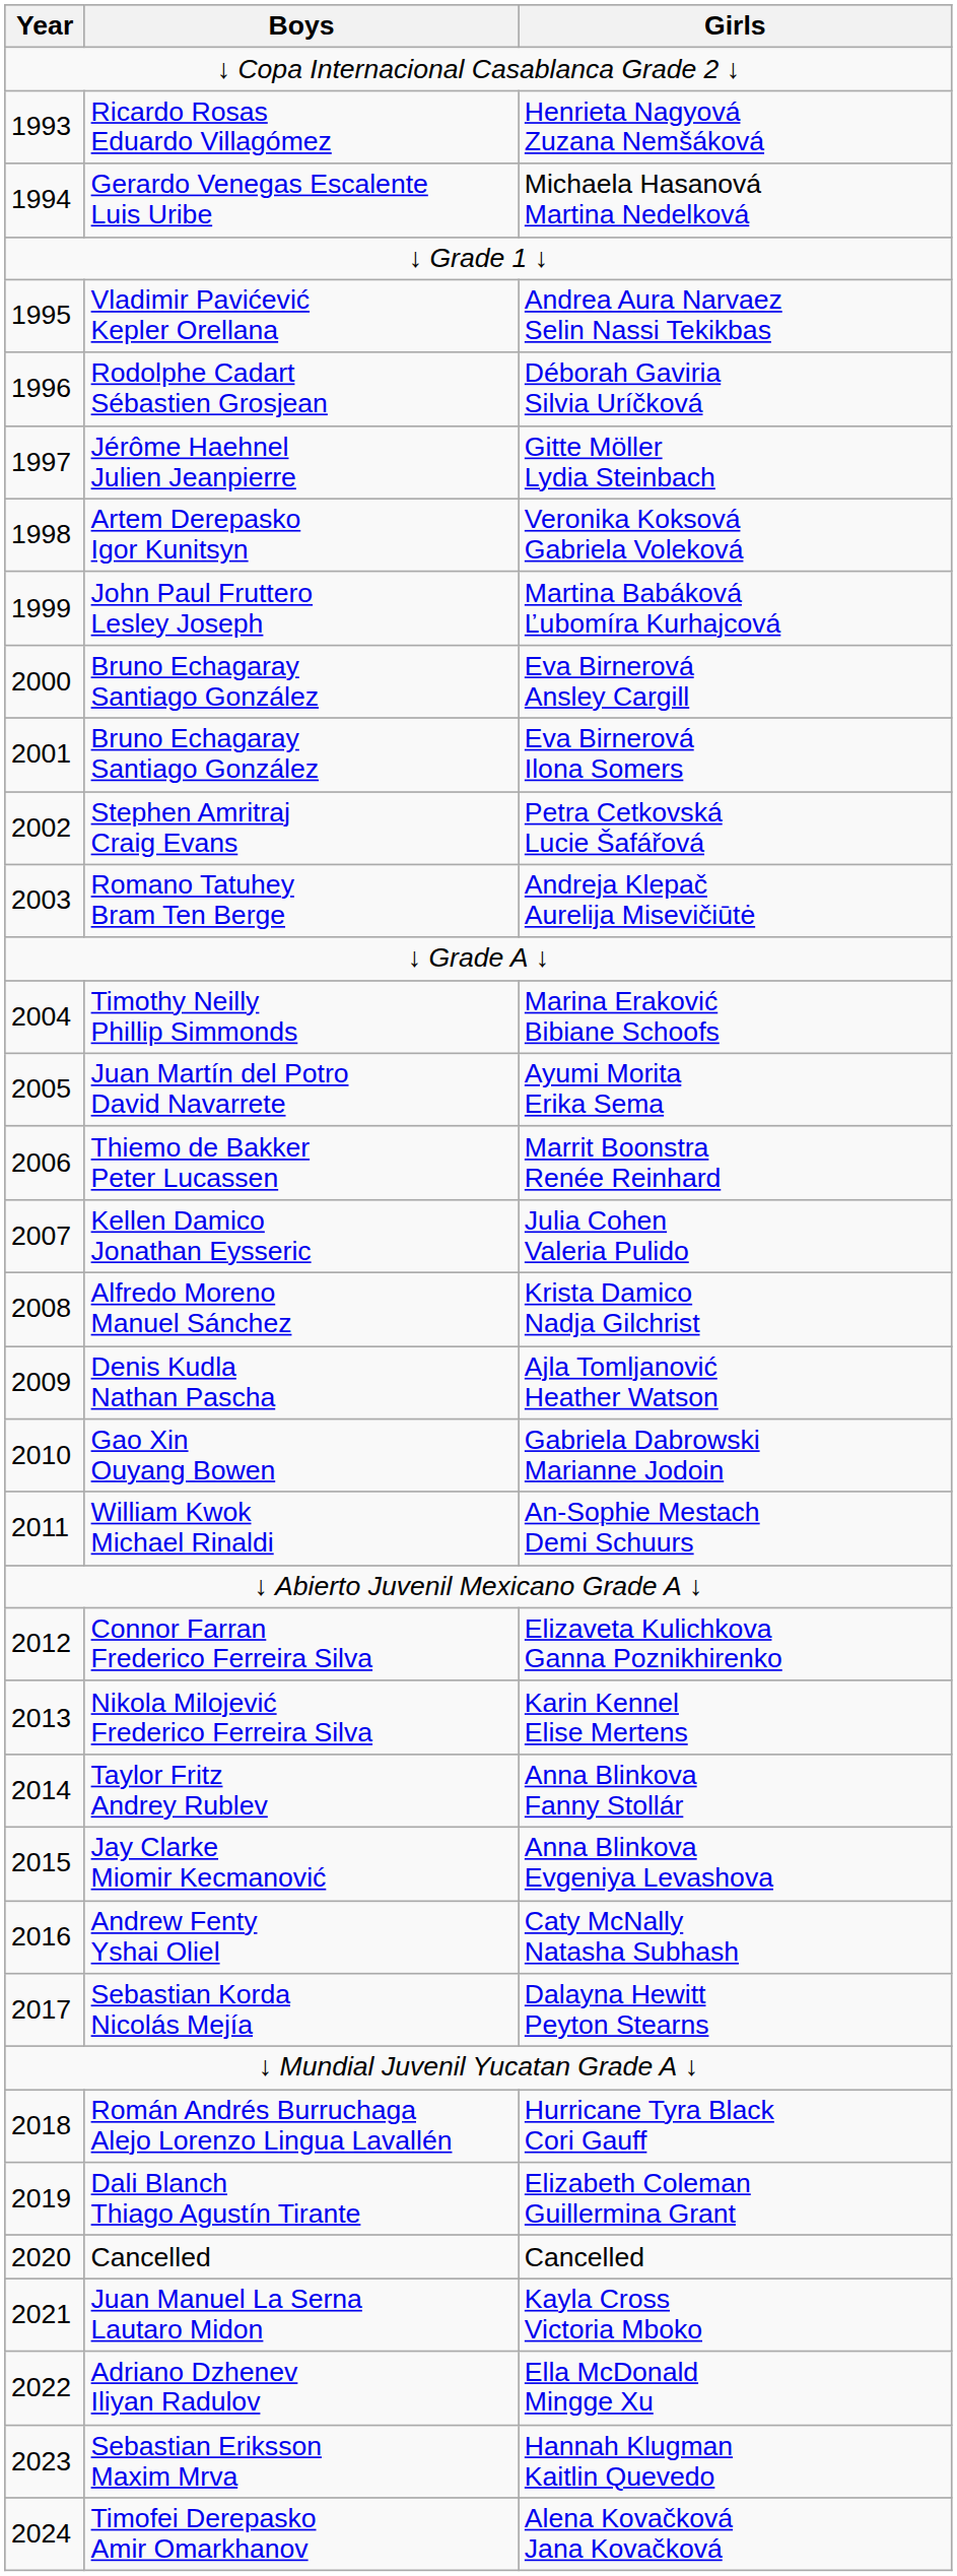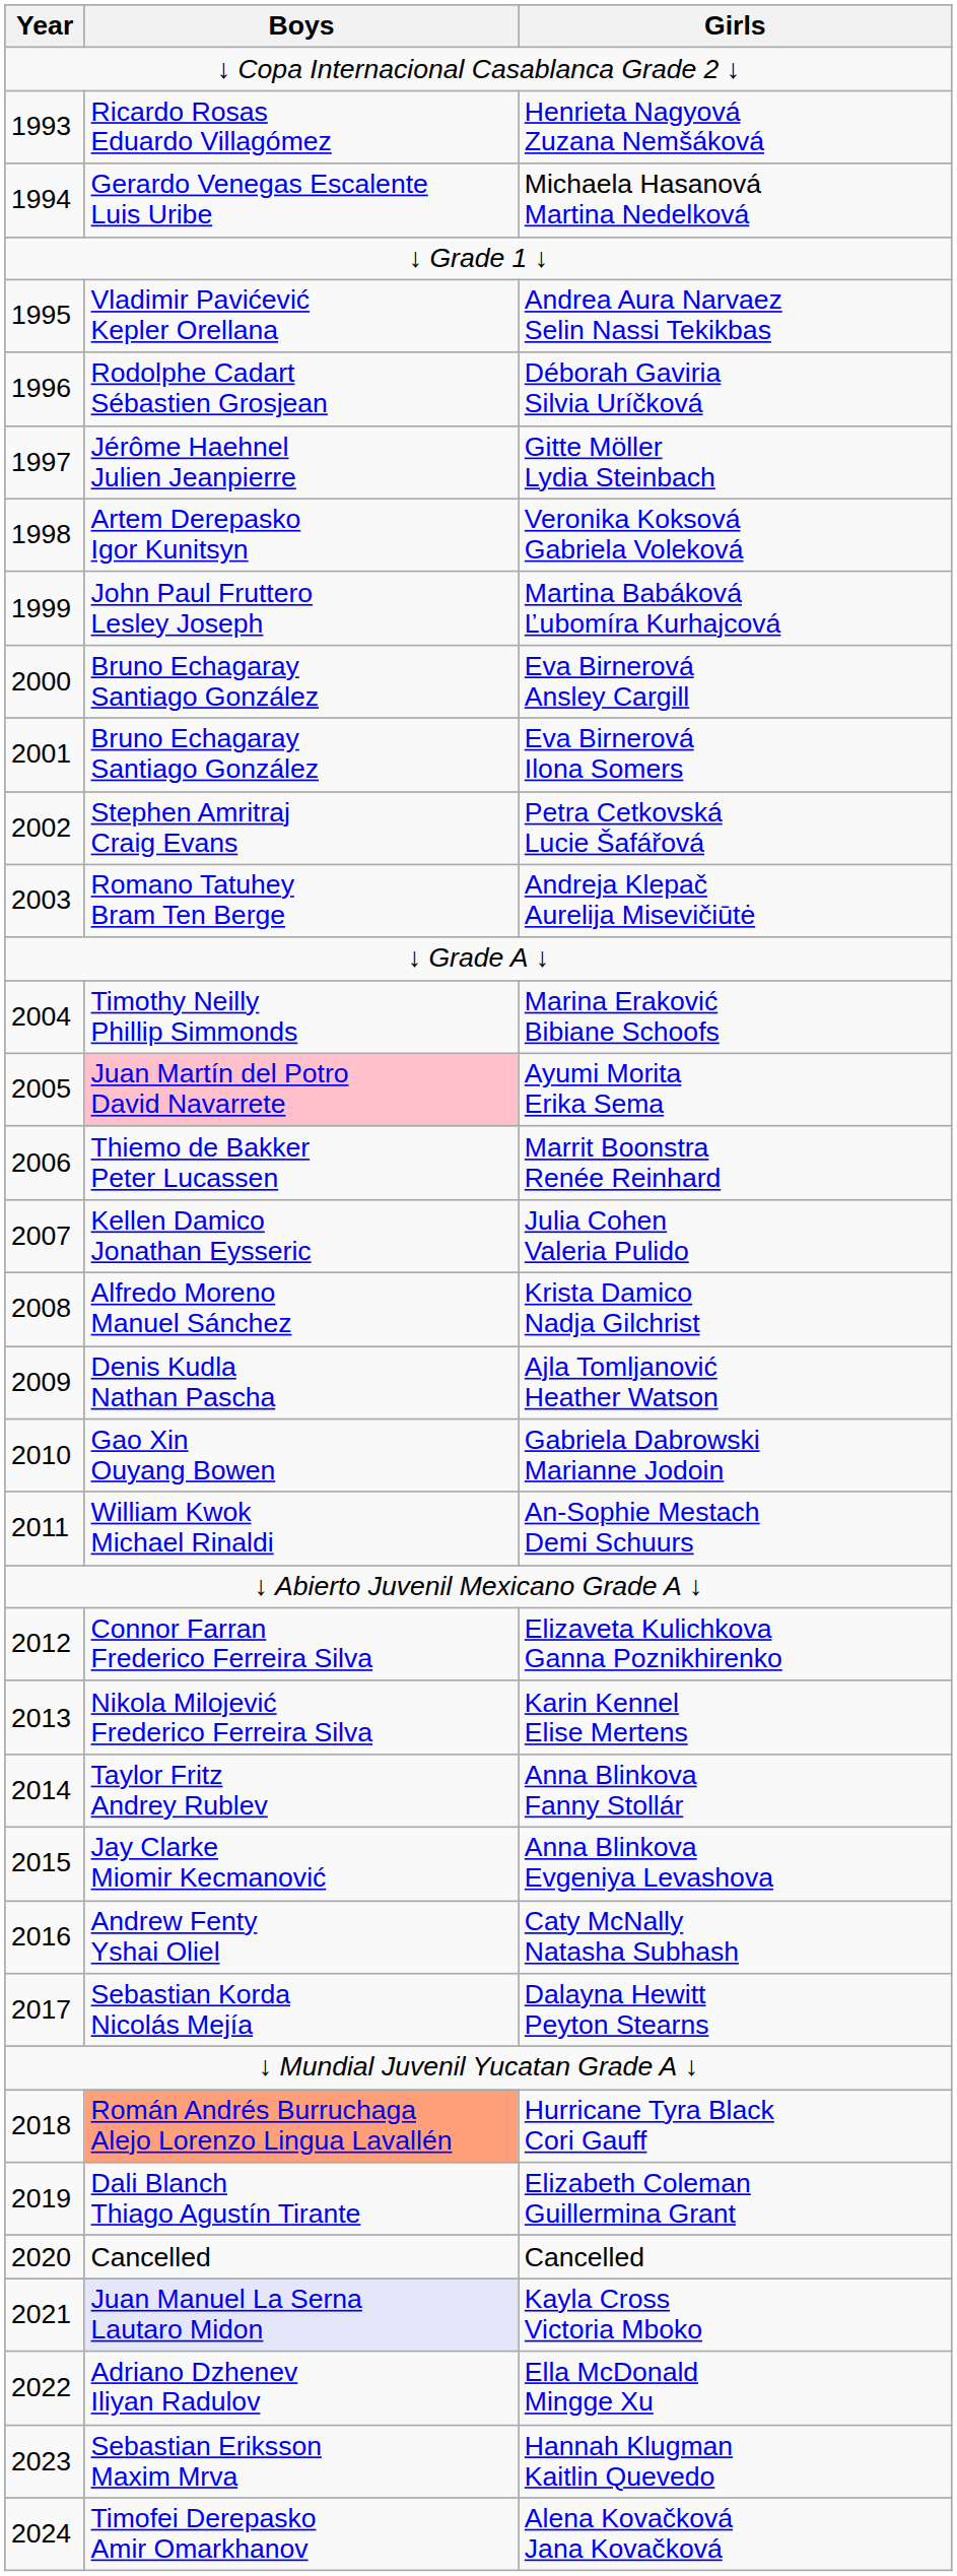 <table class="wikitable">
 <tr>
 <th style="width:40px;">Year</th>
 <th style="width:250px;">Boys</th>
 <th width=250>Girls</th>
 </tr>
 <tr>
 <td colspan=5 align="center">↓ <em>Copa Internacional Casablanca Grade 2</em> ↓</td>
 </tr>
 <tr>
 <td>1993</td>
 <td> <a href='#'>Ricardo Rosas</a> <br>  <a href='#'>Eduardo Villagómez</a></td>
 <td> <a href='#'>Henrieta Nagyová</a> <br>  <a href='#'>Zuzana Nemšáková</a></td>
 </tr>
 <tr>
 <td>1994</td>
 <td> <a href='#'>Gerardo Venegas Escalente</a> <br>  <a href='#'>Luis Uribe</a></td>
 <td> Michaela Hasanová <br>  <a href='#'>Martina Nedelková</a></td>
 </tr>
 <tr>
 <td colspan=5 align="center">↓ <em>Grade 1</em> ↓</td>
 </tr>
 <tr>
 <td>1995</td>
 <td> <a href='#'>Vladimir Pavićević</a> <br>  <a href='#'>Kepler Orellana</a></td>
 <td> <a href='#'>Andrea Aura Narvaez</a> <br>  <a href='#'>Selin Nassi Tekikbas</a></td>
 </tr>
 <tr>
 <td>1996</td>
 <td> <a href='#'>Rodolphe Cadart</a> <br>  <a href='#'>Sébastien Grosjean</a></td>
 <td> <a href='#'>Déborah Gaviria</a> <br>  <a href='#'>Silvia Uríčková</a></td>
 </tr>
 <tr>
 <td>1997</td>
 <td> <a href='#'>Jérôme Haehnel</a> <br>  <a href='#'>Julien Jeanpierre</a></td>
 <td> <a href='#'>Gitte Möller</a> <br>  <a href='#'>Lydia Steinbach</a></td>
 </tr>
 <tr>
 <td>1998</td>
 <td> <a href='#'>Artem Derepasko</a> <br>  <a href='#'>Igor Kunitsyn</a></td>
 <td> <a href='#'>Veronika Koksová</a> <br>  <a href='#'>Gabriela Voleková</a></td>
 </tr>
 <tr>
 <td>1999</td>
 <td> <a href='#'>John Paul Fruttero</a> <br>  <a href='#'>Lesley Joseph</a></td>
 <td> <a href='#'>Martina Babáková</a> <br>  <a href='#'>Ľubomíra Kurhajcová</a></td>
 </tr>
 <tr>
 <td>2000</td>
 <td> <a href='#'>Bruno Echagaray</a> <br>  <a href='#'>Santiago González</a></td>
 <td> <a href='#'>Eva Birnerová</a> <br>  <a href='#'>Ansley Cargill</a></td>
 </tr>
 <tr>
 <td>2001</td>
 <td> <a href='#'>Bruno Echagaray</a> <br>  <a href='#'>Santiago González</a></td>
 <td> <a href='#'>Eva Birnerová</a> <br>  <a href='#'>Ilona Somers</a></td>
 </tr>
 <tr>
 <td>2002</td>
 <td> <a href='#'>Stephen Amritraj</a> <br>  <a href='#'>Craig Evans</a></td>
 <td> <a href='#'>Petra Cetkovská</a> <br>  <a href='#'>Lucie Šafářová</a></td>
 </tr>
 <tr>
 <td>2003</td>
 <td> <a href='#'>Romano Tatuhey</a> <br>  <a href='#'>Bram Ten Berge</a></td>
 <td> <a href='#'>Andreja Klepač</a> <br>  <a href='#'>Aurelija Misevičiūtė</a></td>
 </tr>
 <tr>
 <td colspan=5 align="center">↓ <em>Grade A</em> ↓</td>
 </tr>
 <tr>
 <td>2004</td>
 <td> <a href='#'>Timothy Neilly</a> <br>  <a href='#'>Phillip Simmonds</a></td>
 <td> <a href='#'>Marina Eraković</a> <br>  <a href='#'>Bibiane Schoofs</a></td>
 </tr>
 <tr>
 <td>2005</td>
-<td> <a href='#'>Juan Martín del Potro</a> <br>  <a href='#'>David Navarrete</a></td>
+<td style="background: pink;"> <a href='#'>Juan Martín del Potro</a> <br>  <a href='#'>David Navarrete</a></td>
 <td> <a href='#'>Ayumi Morita</a> <br>  <a href='#'>Erika Sema</a></td>
 </tr>
 <tr>
 <td>2006</td>
 <td> <a href='#'>Thiemo de Bakker</a> <br>  <a href='#'>Peter Lucassen</a></td>
 <td> <a href='#'>Marrit Boonstra</a> <br>  <a href='#'>Renée Reinhard</a></td>
 </tr>
 <tr>
 <td>2007</td>
 <td> <a href='#'>Kellen Damico</a> <br>  <a href='#'>Jonathan Eysseric</a></td>
 <td> <a href='#'>Julia Cohen</a> <br>  <a href='#'>Valeria Pulido</a></td>
 </tr>
 <tr>
 <td>2008</td>
 <td> <a href='#'>Alfredo Moreno</a> <br>  <a href='#'>Manuel Sánchez</a></td>
 <td> <a href='#'>Krista Damico</a> <br>  <a href='#'>Nadja Gilchrist</a></td>
 </tr>
 <tr>
 <td>2009</td>
 <td> <a href='#'>Denis Kudla</a> <br>  <a href='#'>Nathan Pascha</a></td>
 <td> <a href='#'>Ajla Tomljanović</a> <br>  <a href='#'>Heather Watson</a></td>
 </tr>
 <tr>
 <td>2010</td>
 <td> <a href='#'>Gao Xin</a> <br>  <a href='#'>Ouyang Bowen</a></td>
 <td> <a href='#'>Gabriela Dabrowski</a> <br>  <a href='#'>Marianne Jodoin</a></td>
 </tr>
 <tr>
 <td>2011</td>
 <td> <a href='#'>William Kwok</a> <br>  <a href='#'>Michael Rinaldi</a></td>
 <td> <a href='#'>An-Sophie Mestach</a> <br>  <a href='#'>Demi Schuurs</a></td>
 </tr>
 <tr>
 <td colspan=5 align="center">↓ <em>Abierto Juvenil Mexicano Grade A</em> ↓</td>
 </tr>
 <tr>
 <td>2012</td>
 <td> <a href='#'>Connor Farran</a> <br>  <a href='#'>Frederico Ferreira Silva</a></td>
 <td> <a href='#'>Elizaveta Kulichkova</a> <br>  <a href='#'>Ganna Poznikhirenko</a></td>
 </tr>
 <tr>
 <td>2013</td>
 <td> <a href='#'>Nikola Milojević</a> <br>  <a href='#'>Frederico Ferreira Silva</a></td>
 <td> <a href='#'>Karin Kennel</a> <br>  <a href='#'>Elise Mertens</a></td>
 </tr>
 <tr>
 <td>2014</td>
 <td> <a href='#'>Taylor Fritz</a> <br>  <a href='#'>Andrey Rublev</a></td>
 <td> <a href='#'>Anna Blinkova</a> <br>  <a href='#'>Fanny Stollár</a></td>
 </tr>
 <tr>
 <td>2015</td>
 <td> <a href='#'>Jay Clarke</a> <br>  <a href='#'>Miomir Kecmanović</a></td>
 <td> <a href='#'>Anna Blinkova</a> <br>  <a href='#'>Evgeniya Levashova</a></td>
 </tr>
 <tr>
 <td>2016</td>
 <td> <a href='#'>Andrew Fenty</a> <br>  <a href='#'>Yshai Oliel</a></td>
 <td> <a href='#'>Caty McNally</a> <br>  <a href='#'>Natasha Subhash</a></td>
 </tr>
 <tr>
 <td>2017</td>
 <td> <a href='#'>Sebastian Korda</a> <br>  <a href='#'>Nicolás Mejía</a></td>
 <td> <a href='#'>Dalayna Hewitt</a> <br>  <a href='#'>Peyton Stearns</a></td>
 </tr>
 <tr>
 <td colspan=5 align="center">↓ <em>Mundial Juvenil Yucatan Grade A</em> ↓</td>
 </tr>
 <tr>
 <td>2018</td>
-<td> <a href='#'>Román Andrés Burruchaga</a> <br>  <a href='#'>Alejo Lorenzo Lingua Lavallén</a></td>
+<td style="background: lightsalmon;"> <a href='#'>Román Andrés Burruchaga</a> <br>  <a href='#'>Alejo Lorenzo Lingua Lavallén</a></td>
 <td> <a href='#'>Hurricane Tyra Black</a> <br>  <a href='#'>Cori Gauff</a></td>
 </tr>
 <tr>
 <td>2019</td>
 <td> <a href='#'>Dali Blanch</a> <br>  <a href='#'>Thiago Agustín Tirante</a></td>
 <td> <a href='#'>Elizabeth Coleman</a> <br>  <a href='#'>Guillermina Grant</a></td>
 </tr>
 <tr>
 <td>2020</td>
 <td>Cancelled</td>
 <td>Cancelled</td>
 </tr>
 <tr>
 <td>2021</td>
-<td> <a href='#'>Juan Manuel La Serna</a><br>  <a href='#'>Lautaro Midon</a></td>
+<td style="background: lavender;"> <a href='#'>Juan Manuel La Serna</a><br>  <a href='#'>Lautaro Midon</a></td>
 <td> <a href='#'>Kayla Cross</a><br>  <a href='#'>Victoria Mboko</a></td>
 </tr>
 <tr>
 <td>2022</td>
 <td> <a href='#'>Adriano Dzhenev</a><br>  <a href='#'>Iliyan Radulov</a></td>
 <td> <a href='#'>Ella McDonald</a><br>  <a href='#'>Mingge Xu</a></td>
 </tr>
 <tr>
 <td>2023</td>
 <td> <a href='#'>Sebastian Eriksson</a><br>  <a href='#'>Maxim Mrva</a></td>
 <td> <a href='#'>Hannah Klugman</a><br>  <a href='#'>Kaitlin Quevedo</a></td>
 </tr>
 <tr>
 <td>2024</td>
 <td> <a href='#'>Timofei Derepasko</a><br>  <a href='#'>Amir Omarkhanov</a></td>
 <td> <a href='#'>Alena Kovačková</a><br>  <a href='#'>Jana Kovačková</a></td>
 </tr>
 </table>
